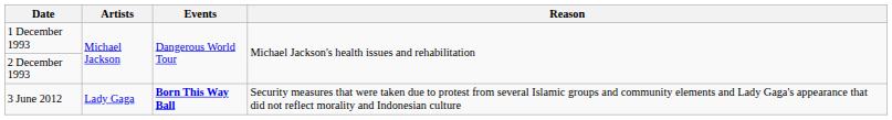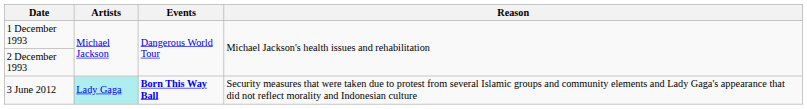 <table class="wikitable">
 <tr>
 <th>Date</th>
 <th>Artists</th>
 <th>Events</th>
 <th>Reason</th>
 </tr>
 <tr>
 <td>1 December 1993</td>
 <td rowspan="2"><a href='#'>Michael Jackson</a></td>
 <td rowspan="2"><a href='#'>Dangerous World Tour</a></td>
 <td rowspan="2">Michael Jackson's health issues and rehabilitation</td>
 </tr>
 <tr>
 <td>2 December 1993</td>
 </tr>
 <tr>
 <td>3 June 2012</td>
-<td><a href='#'>Lady Gaga</a></td>
+<td style="background: paleturquoise;"><a href='#'>Lady Gaga</a></td>
 <td><strong><a href='#'>Born This Way Ball</a></strong></td>
 <td>Security measures that were taken due to protest from several Islamic groups and community elements and Lady Gaga's appearance that did not reflect morality and Indonesian culture</td>
 </tr>
 </table>
